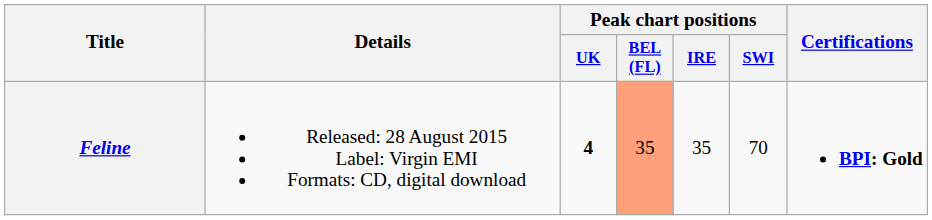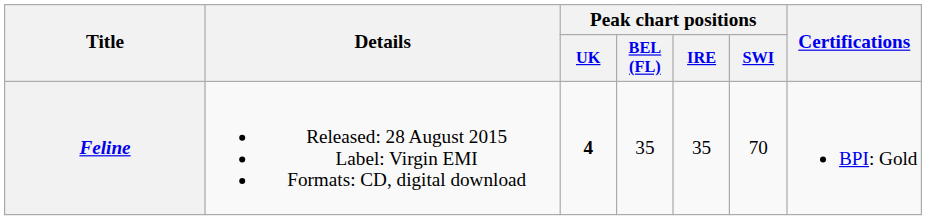 <table class="wikitable plainrowheaders" style="text-align:center;">
 <tr>
 <th scope="col" rowspan="2" style="width:10em;">Title</th>
 <th scope="col" rowspan="2" style="width:18em;">Details</th>
 <th scope="col" colspan="4">Peak chart positions</th>
 <th scope="col" rowspan="2"><a href='#'>Certifications</a></th>
 </tr>
 <tr>
 <th scope="col" style="width:3em;font-size:85%;"><a href='#'>UK</a><br></th>
 <th scope="col" style="width:3em;font-size:85%;"><a href='#'>BEL (FL)</a><br></th>
 <th scope="col" style="width:3em;font-size:85%;"><a href='#'>IRE</a><br></th>
 <th scope="col" style="width:3em;font-size:85%;"><a href='#'>SWI</a><br></th>
 </tr>
 <tr>
 <th scope="row"><em><a href='#'>Feline</a></em></th>
 <td><br><ul><li>Released: 28 August 2015</li><li>Label: Virgin EMI</li><li>Formats: CD, digital download</li></ul></td>
 <td><strong>4</strong></td>
-<td style="background: lightsalmon;">35</td>
+<td>35</td>
 <td>35</td>
 <td>70</td>
-<td><strong><br><ul><li><a href='#'>BPI</a>: Gold</li></ul></strong></td>
+<td><br><ul><li><a href='#'>BPI</a>: Gold</li></ul></td>
 </tr>
 </table>
